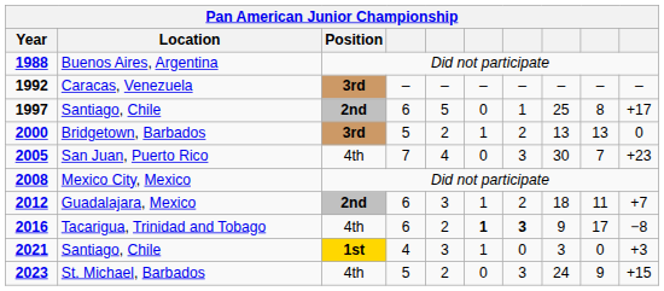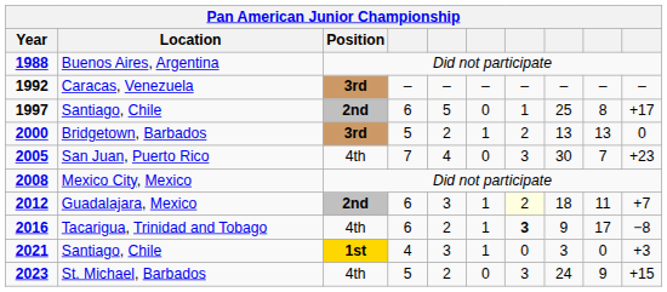 <table class="wikitable" style="text-align: center;">
 <tr>
 <th colspan=11><a href='#'>Pan American Junior Championship</a></th>
 </tr>
 <tr>
 <th style="width: 50px;">Year</th>
 <th style="width: 280px;">Location</th>
 <th style="width: 50px;">Position</th>
 <th style="width: 35px;"></th>
 <th style="width: 35px;"></th>
 <th style="width: 35px;"></th>
 <th style="width: 35px;"></th>
 <th style="width: 35px;"></th>
 <th style="width: 35px;"></th>
 <th style="width: 35px;"></th>
 </tr>
 <tr>
 <td><strong><a href='#'>1988</a></strong></td>
 <td style="text-align: left;"> <a href='#'>Buenos Aires</a>, <a href='#'>Argentina</a></td>
 <td colspan=9><em>Did not participate</em></td>
 </tr>
 <tr>
 <td><strong>1992</strong></td>
 <td style="text-align: left;"> <a href='#'>Caracas</a>, <a href='#'>Venezuela</a></td>
 <td style="background-color: #cc9966"><strong>3rd</strong></td>
 <td>–</td>
 <td>–</td>
 <td>–</td>
 <td>–</td>
 <td>–</td>
 <td>–</td>
 <td>–</td>
 </tr>
 <tr>
 <td><strong>1997</strong></td>
 <td style="text-align: left;"> <a href='#'>Santiago</a>, <a href='#'>Chile</a></td>
 <td style="background-color: silver"><strong>2nd</strong></td>
 <td>6</td>
 <td>5</td>
 <td>0</td>
 <td>1</td>
 <td>25</td>
 <td>8</td>
 <td>+17</td>
 </tr>
 <tr>
 <td><strong><a href='#'>2000</a></strong></td>
 <td style="text-align: left;"> <a href='#'>Bridgetown</a>, <a href='#'>Barbados</a></td>
 <td style="background-color: #cc9966"><strong>3rd</strong></td>
 <td>5</td>
 <td>2</td>
 <td>1</td>
 <td>2</td>
 <td>13</td>
 <td>13</td>
 <td>0</td>
 </tr>
 <tr>
 <td><strong><a href='#'>2005</a></strong></td>
 <td style="text-align: left;"> <a href='#'>San Juan</a>, <a href='#'>Puerto Rico</a></td>
 <td>4th</td>
 <td>7</td>
 <td>4</td>
 <td>0</td>
 <td>3</td>
 <td>30</td>
 <td>7</td>
 <td>+23</td>
 </tr>
 <tr>
 <td><strong><a href='#'>2008</a></strong></td>
 <td style="text-align: left;"> <a href='#'>Mexico City</a>, <a href='#'>Mexico</a></td>
 <td colspan=9><em>Did not participate</em></td>
 </tr>
 <tr>
 <td><strong><a href='#'>2012</a></strong></td>
 <td style="text-align: left;"> <a href='#'>Guadalajara</a>, <a href='#'>Mexico</a></td>
 <td style="background-color: silver"><strong>2nd</strong></td>
 <td>6</td>
 <td>3</td>
 <td>1</td>
-<td>2</td>
+<td style="background: lightyellow;">2</td>
 <td>18</td>
 <td>11</td>
 <td>+7</td>
 </tr>
 <tr>
 <td><strong><a href='#'>2016</a></strong></td>
 <td style="text-align: left;"> <a href='#'>Tacarigua</a>, <a href='#'>Trinidad and Tobago</a></td>
 <td>4th</td>
 <td>6</td>
 <td>2</td>
-<td><strong>1</strong></td>
+<td>1</td>
 <td><strong>3</strong></td>
 <td>9</td>
 <td>17</td>
 <td>−8</td>
 </tr>
 <tr>
 <td><strong><a href='#'>2021</a></strong></td>
 <td style="text-align: left;"> <a href='#'>Santiago</a>, <a href='#'>Chile</a></td>
 <td style="background-color: gold"><strong>1st</strong></td>
 <td>4</td>
 <td>3</td>
 <td>1</td>
 <td>0</td>
 <td>3</td>
 <td>0</td>
 <td>+3</td>
 </tr>
 <tr>
 <td><strong><a href='#'>2023</a></strong></td>
 <td style="text-align: left;"> <a href='#'>St. Michael</a>, <a href='#'>Barbados</a></td>
 <td>4th</td>
 <td>5</td>
 <td>2</td>
 <td>0</td>
 <td>3</td>
 <td>24</td>
 <td>9</td>
 <td>+15</td>
 </tr>
 </table>
